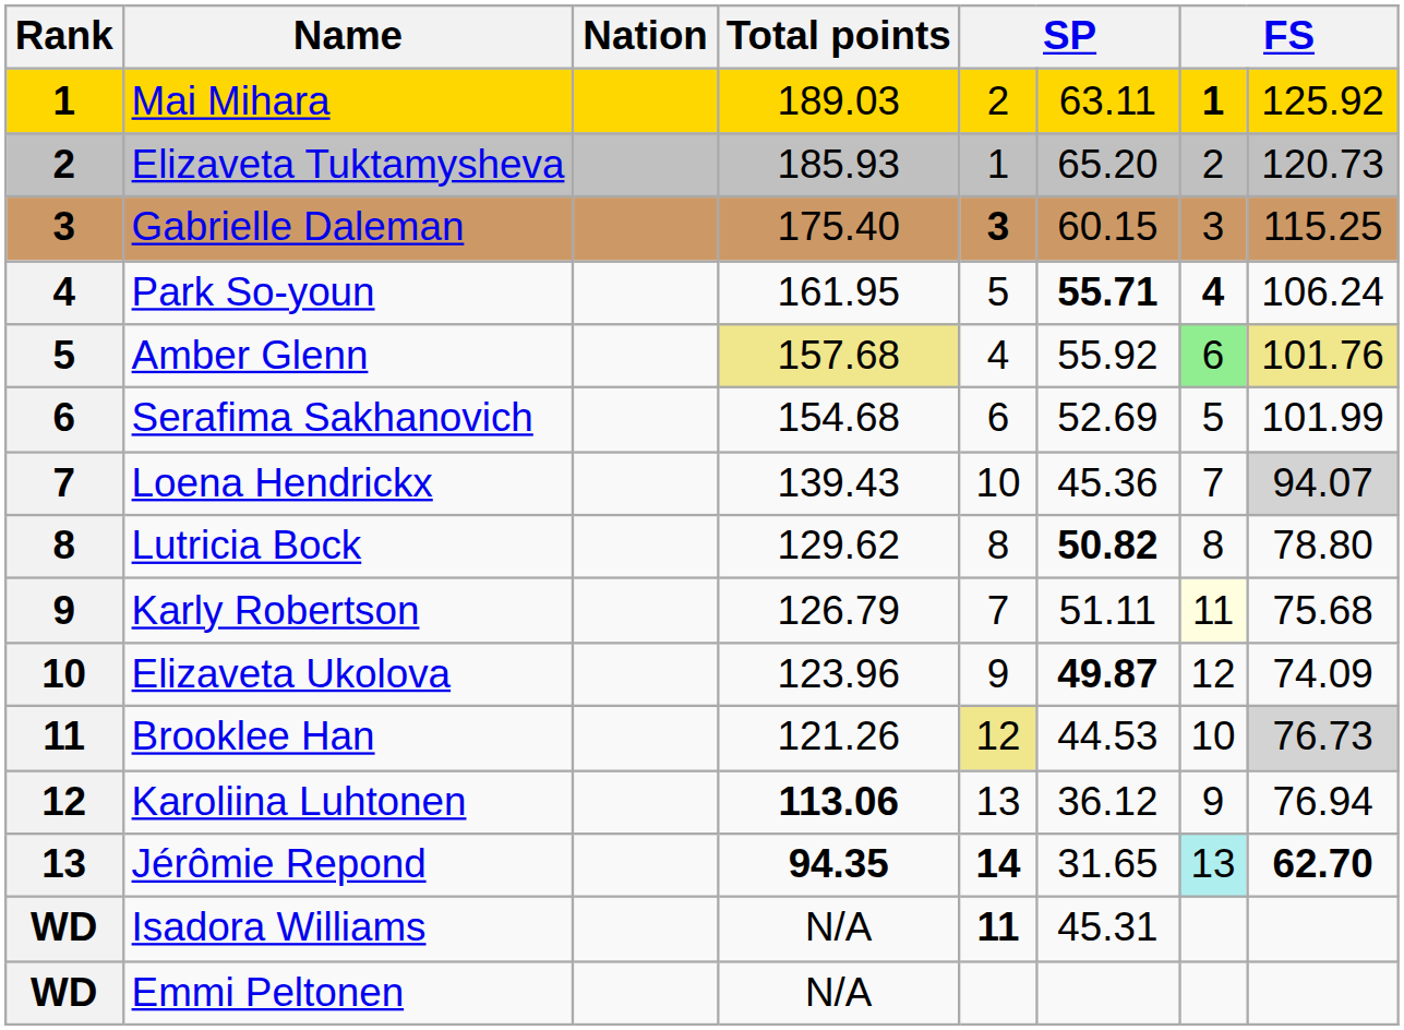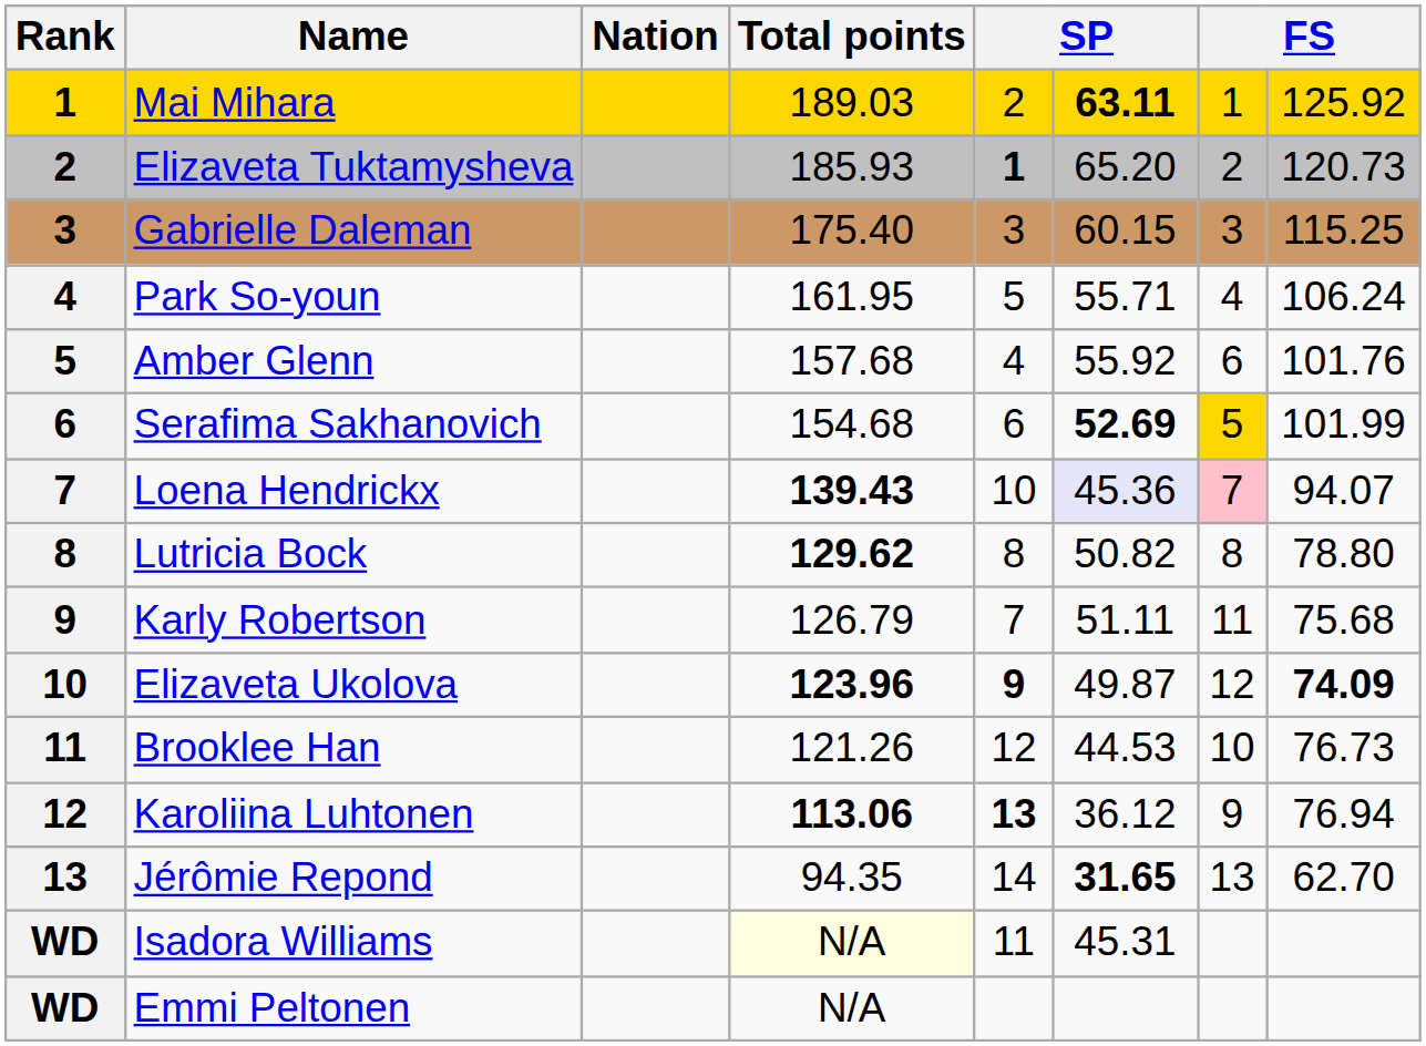 <table class="wikitable sortable">
 <tr>
 <th>Rank</th>
 <th>Name</th>
 <th>Nation</th>
 <th>Total points</th>
 <th colspan="2" width="80px"><a href='#'>SP</a></th>
 <th colspan="2" width="80px"><a href='#'>FS</a></th>
 </tr>
 <tr bgcolor="gold">
 <td align="center"><strong>1</strong></td>
 <td><a href='#'>Mai Mihara</a></td>
 <td></td>
 <td align="center">189.03</td>
 <td align="center">2</td>
-<td align="center">63.11</td>
-<td align="center"><strong>1</strong></td>
+<td align="center"><strong>63.11</strong></td>
+<td align="center">1</td>
 <td align="center">125.92</td>
 </tr>
 <tr bgcolor="silver">
 <td align="center"><strong>2</strong></td>
 <td><a href='#'>Elizaveta Tuktamysheva</a></td>
 <td></td>
 <td align="center">185.93</td>
-<td align="center">1</td>
+<td align="center"><strong>1</strong></td>
 <td align="center">65.20</td>
 <td align="center">2</td>
 <td align="center">120.73</td>
 </tr>
 <tr bgcolor="cc9966">
 <td align="center"><strong>3</strong></td>
 <td><a href='#'>Gabrielle Daleman</a></td>
 <td></td>
 <td align="center">175.40</td>
-<td align="center"><strong>3</strong></td>
+<td align="center">3</td>
 <td align="center">60.15</td>
 <td align="center">3</td>
 <td align="center">115.25</td>
 </tr>
 <tr>
 <th>4</th>
 <td><a href='#'>Park So-youn</a></td>
 <td></td>
 <td align="center">161.95</td>
 <td align="center">5</td>
-<td align="center"><strong>55.71</strong></td>
-<td align="center"><strong>4</strong></td>
+<td align="center">55.71</td>
+<td align="center">4</td>
 <td align="center">106.24</td>
 </tr>
 <tr>
 <th>5</th>
 <td><a href='#'>Amber Glenn</a></td>
 <td></td>
-<td align="center" style="background: khaki;">157.68</td>
+<td align="center">157.68</td>
 <td align="center">4</td>
 <td align="center">55.92</td>
-<td align="center" style="background: lightgreen;">6</td>
-<td align="center" style="background: khaki;">101.76</td>
+<td align="center">6</td>
+<td align="center">101.76</td>
 </tr>
 <tr>
 <th>6</th>
 <td><a href='#'>Serafima Sakhanovich</a></td>
 <td></td>
 <td align="center">154.68</td>
 <td align="center">6</td>
-<td align="center">52.69</td>
-<td align="center">5</td>
+<td align="center"><strong>52.69</strong></td>
+<td align="center" style="background: gold;">5</td>
 <td align="center">101.99</td>
 </tr>
 <tr>
 <th>7</th>
 <td><a href='#'>Loena Hendrickx</a></td>
 <td></td>
-<td align="center">139.43</td>
+<td align="center"><strong>139.43</strong></td>
 <td align="center">10</td>
-<td align="center">45.36</td>
-<td align="center">7</td>
-<td align="center" style="background: lightgrey;">94.07</td>
+<td align="center" style="background: lavender;">45.36</td>
+<td align="center" style="background: pink;">7</td>
+<td align="center">94.07</td>
 </tr>
 <tr>
 <th>8</th>
 <td><a href='#'>Lutricia Bock</a></td>
 <td></td>
-<td align="center">129.62</td>
+<td align="center"><strong>129.62</strong></td>
 <td align="center">8</td>
-<td align="center"><strong>50.82</strong></td>
+<td align="center">50.82</td>
 <td align="center">8</td>
 <td align="center">78.80</td>
 </tr>
 <tr>
 <th>9</th>
 <td><a href='#'>Karly Robertson</a></td>
 <td></td>
 <td align="center">126.79</td>
 <td align="center">7</td>
 <td align="center">51.11</td>
-<td align="center" style="background: lightyellow;">11</td>
+<td align="center">11</td>
 <td align="center">75.68</td>
 </tr>
 <tr>
 <th>10</th>
 <td><a href='#'>Elizaveta Ukolova</a></td>
 <td></td>
-<td align="center">123.96</td>
-<td align="center">9</td>
-<td align="center"><strong>49.87</strong></td>
+<td align="center"><strong>123.96</strong></td>
+<td align="center"><strong>9</strong></td>
+<td align="center">49.87</td>
 <td align="center">12</td>
-<td align="center">74.09</td>
+<td align="center"><strong>74.09</strong></td>
 </tr>
 <tr>
 <th>11</th>
 <td><a href='#'>Brooklee Han</a></td>
 <td></td>
 <td align="center">121.26</td>
-<td align="center" style="background: khaki;">12</td>
+<td align="center">12</td>
 <td align="center">44.53</td>
 <td align="center">10</td>
-<td align="center" style="background: lightgrey;">76.73</td>
+<td align="center">76.73</td>
 </tr>
 <tr>
 <th>12</th>
 <td><a href='#'>Karoliina Luhtonen</a></td>
 <td></td>
 <td align="center"><strong>113.06</strong></td>
-<td align="center">13</td>
+<td align="center"><strong>13</strong></td>
 <td align="center">36.12</td>
 <td align="center">9</td>
 <td align="center">76.94</td>
 </tr>
 <tr>
 <th>13</th>
 <td><a href='#'>Jérômie Repond</a></td>
 <td></td>
-<td align="center"><strong>94.35</strong></td>
-<td align="center"><strong>14</strong></td>
-<td align="center">31.65</td>
-<td align="center" style="background: paleturquoise;">13</td>
-<td align="center"><strong>62.70</strong></td>
+<td align="center">94.35</td>
+<td align="center">14</td>
+<td align="center"><strong>31.65</strong></td>
+<td align="center">13</td>
+<td align="center">62.70</td>
 </tr>
 <tr>
 <th>WD</th>
 <td><a href='#'>Isadora Williams</a></td>
 <td></td>
-<td align="center">N/A</td>
-<td align="center"><strong>11</strong></td>
+<td align="center" style="background: lightyellow;">N/A</td>
+<td align="center">11</td>
 <td align="center">45.31</td>
 <td align="center"></td>
 <td align="center"></td>
 </tr>
 <tr>
 <th>WD</th>
 <td><a href='#'>Emmi Peltonen</a></td>
 <td></td>
 <td align="center">N/A</td>
 <td align="center"></td>
 <td align="center"></td>
 <td align="center"></td>
 <td align="center"></td>
 </tr>
 </table>
